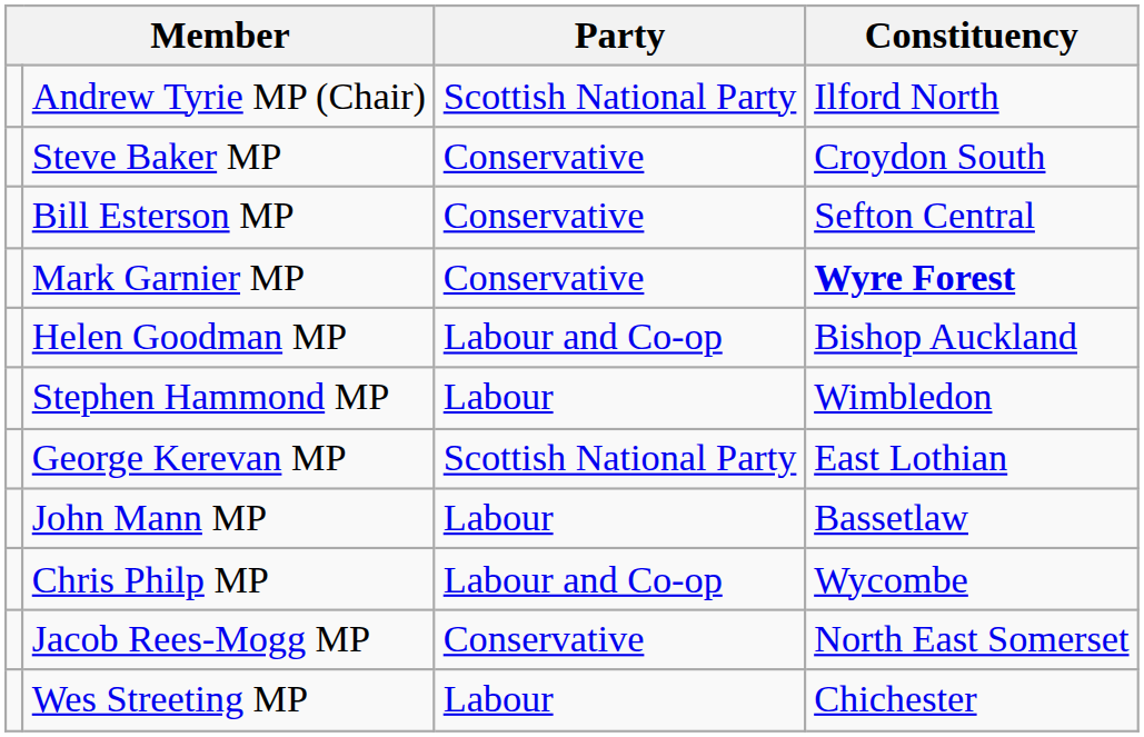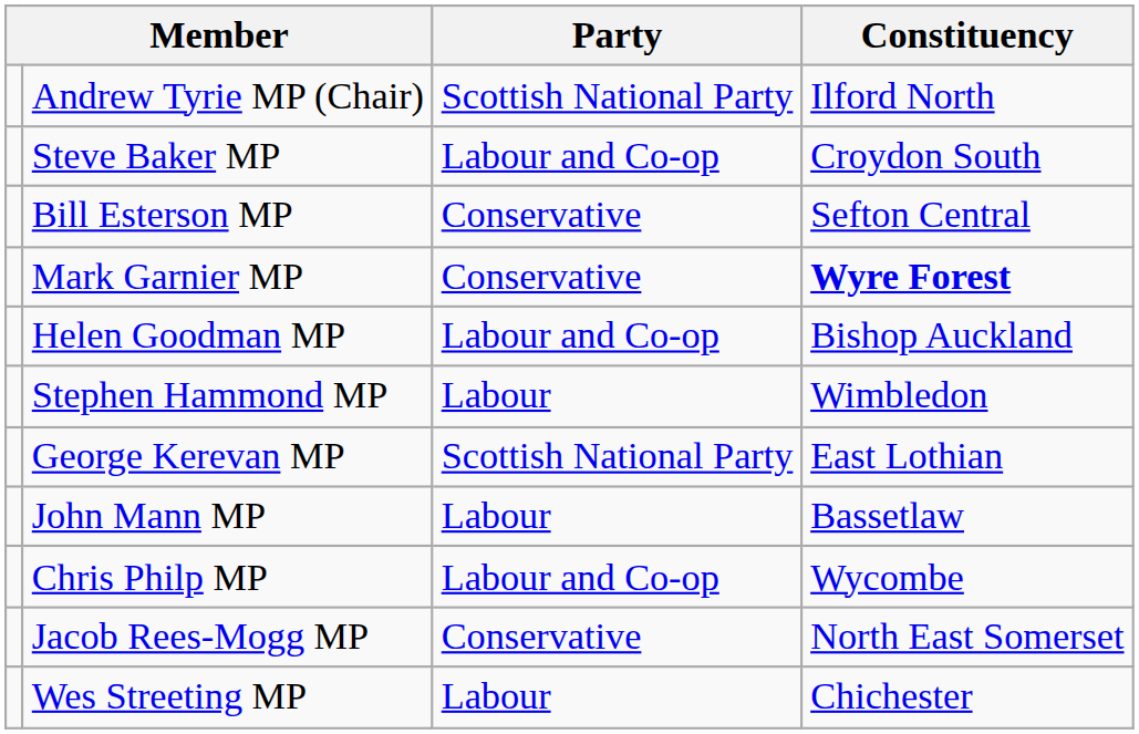 <table class="wikitable">
 <tr>
 <th colspan="2" valign="top">Member</th>
 <th valign="top">Party</th>
 <th valign="top">Constituency</th>
 </tr>
 <tr>
 <td style="color:inherit;background:"></td>
 <td><a href='#'>Andrew Tyrie</a> MP (Chair)</td>
 <td><a href='#'>Scottish National Party</a></td>
 <td><a href='#'>Ilford North</a></td>
 </tr>
 <tr>
 <td style="color:inherit;background:"></td>
 <td><a href='#'>Steve Baker</a> MP</td>
-<td><a href='#'>Conservative</a></td>
+<td><a href='#'>Labour and Co-op</a></td>
 <td><a href='#'>Croydon South</a></td>
 </tr>
 <tr>
 <td style="color:inherit;background:"></td>
 <td><a href='#'>Bill Esterson</a> MP</td>
 <td><a href='#'>Conservative</a></td>
 <td><a href='#'>Sefton Central</a></td>
 </tr>
 <tr>
 <td style="color:inherit;background:"></td>
 <td><a href='#'>Mark Garnier</a> MP</td>
 <td><a href='#'>Conservative</a></td>
 <td><strong><a href='#'>Wyre Forest</a></strong></td>
 </tr>
 <tr>
 <td style="color:inherit;background:"></td>
 <td><a href='#'>Helen Goodman</a> MP</td>
 <td><a href='#'>Labour and Co-op</a></td>
 <td><a href='#'>Bishop Auckland</a></td>
 </tr>
 <tr>
 <td style="color:inherit;background:"></td>
 <td><a href='#'>Stephen Hammond</a> MP</td>
 <td><a href='#'>Labour</a></td>
 <td><a href='#'>Wimbledon</a></td>
 </tr>
 <tr>
 <td style="color:inherit;background:"></td>
 <td><a href='#'>George Kerevan</a> MP</td>
 <td><a href='#'>Scottish National Party</a></td>
 <td><a href='#'>East Lothian</a></td>
 </tr>
 <tr>
 <td style="color:inherit;background:"></td>
 <td><a href='#'>John Mann</a> MP</td>
 <td><a href='#'>Labour</a></td>
 <td><a href='#'>Bassetlaw</a></td>
 </tr>
 <tr>
 <td style="color:inherit;background:"></td>
 <td><a href='#'>Chris Philp</a> MP</td>
 <td><a href='#'>Labour and Co-op</a></td>
 <td><a href='#'>Wycombe</a></td>
 </tr>
 <tr>
 <td style="color:inherit;background:"></td>
 <td><a href='#'>Jacob Rees-Mogg</a> MP</td>
 <td><a href='#'>Conservative</a></td>
 <td><a href='#'>North East Somerset</a></td>
 </tr>
 <tr>
 <td style="color:inherit;background:"></td>
 <td><a href='#'>Wes Streeting</a> MP</td>
 <td><a href='#'>Labour</a></td>
 <td><a href='#'>Chichester</a></td>
 </tr>
 </table>
